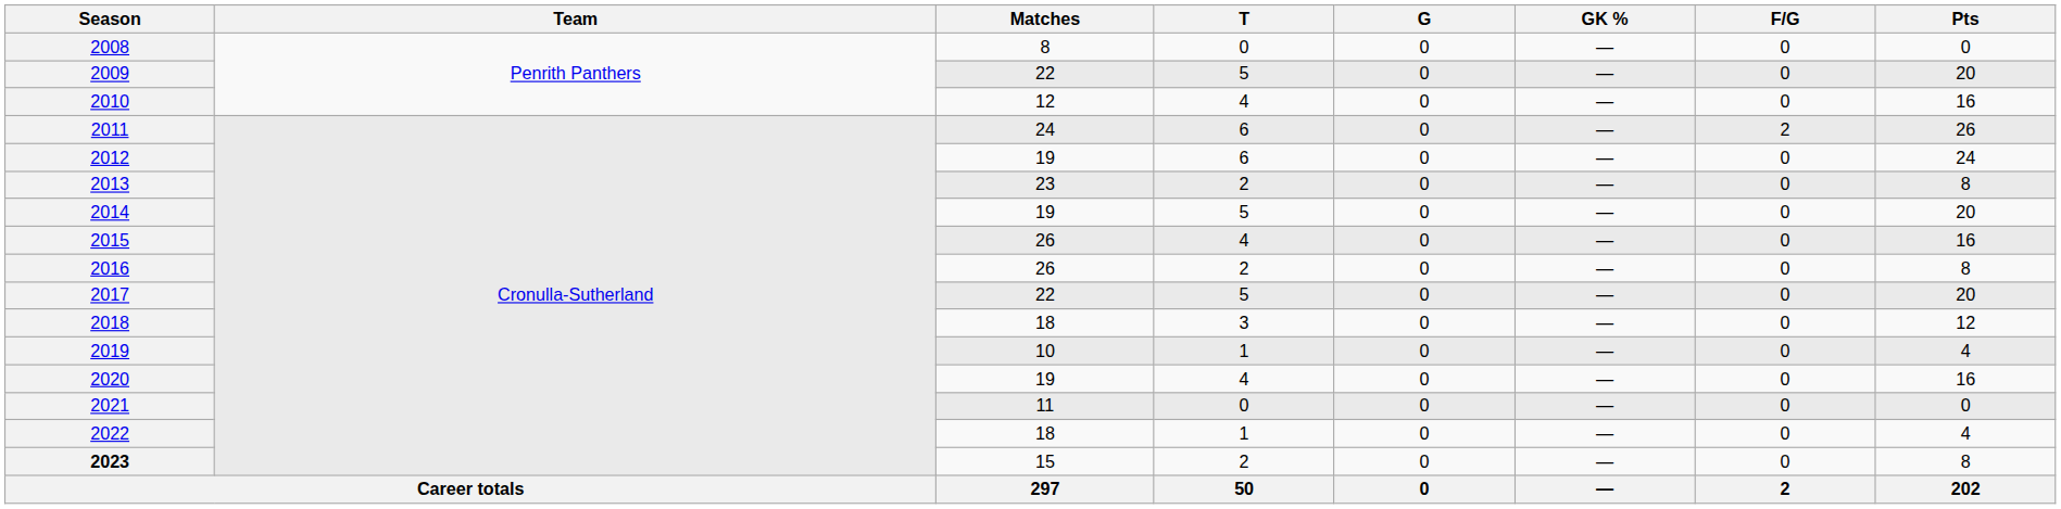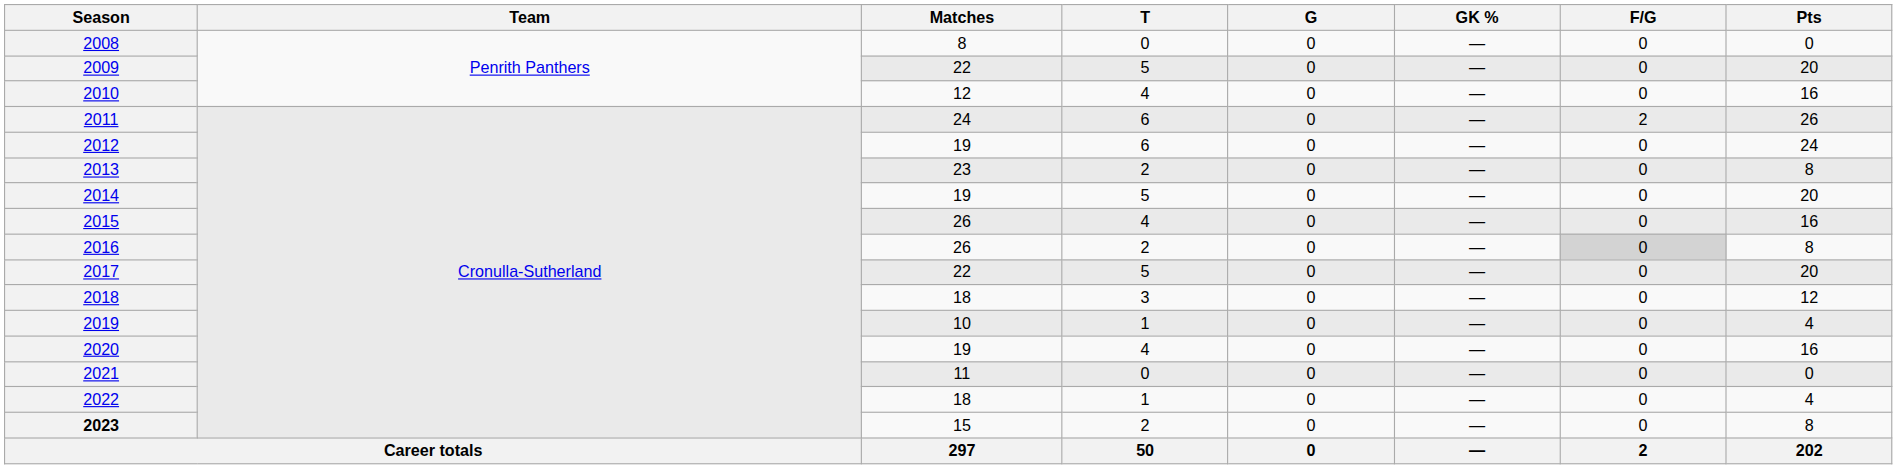 <table class="wikitable sortable"  style="font-size:90%; text-align:center; width:85%;">
 <tr>
 <th width=2%>Season</th>
 <th width=8%>Team</th>
 <th width=2%>Matches</th>
 <th width=2%>T</th>
 <th width=2%>G</th>
 <th width=2%>GK %</th>
 <th width=2%>F/G</th>
 <th width=2%>Pts</th>
 </tr>
 <tr>
 <th scope="row" style="text-align:center; font-weight:normal"><a href='#'>2008</a></th>
 <td rowspan="3" style="text-align:center;"> <a href='#'>Penrith Panthers</a></td>
 <td>8</td>
 <td>0</td>
 <td>0</td>
 <td>—</td>
 <td>0</td>
 <td>0</td>
 </tr>
 <tr style="background:#eaeaea;">
 <th scope="row" style="text-align:center; font-weight:normal"><a href='#'>2009</a></th>
 <td>22</td>
 <td>5</td>
 <td>0</td>
 <td>—</td>
 <td>0</td>
 <td>20</td>
 </tr>
 <tr>
 <th scope="row" style="text-align:center; font-weight:normal"><a href='#'>2010</a></th>
 <td>12</td>
 <td>4</td>
 <td>0</td>
 <td>—</td>
 <td>0</td>
 <td>16</td>
 </tr>
 <tr style="background:#eaeaea;">
 <th scope="row" style="text-align:center; font-weight:normal"><a href='#'>2011</a></th>
 <td rowspan="13" style="text-align:center;"> <a href='#'>Cronulla-Sutherland</a></td>
 <td>24</td>
 <td>6</td>
 <td>0</td>
 <td>—</td>
 <td>2</td>
 <td>26</td>
 </tr>
 <tr>
 <th scope="row" style="text-align:center; font-weight:normal"><a href='#'>2012</a></th>
 <td>19</td>
 <td>6</td>
 <td>0</td>
 <td>—</td>
 <td>0</td>
 <td>24</td>
 </tr>
 <tr style="background:#eaeaea;">
 <th scope="row" style="text-align:center; font-weight:normal"><a href='#'>2013</a></th>
 <td>23</td>
 <td>2</td>
 <td>0</td>
 <td>—</td>
 <td>0</td>
 <td>8</td>
 </tr>
 <tr>
 <th scope="row" style="text-align:center; font-weight:normal"><a href='#'>2014</a></th>
 <td>19</td>
 <td>5</td>
 <td>0</td>
 <td>—</td>
 <td>0</td>
 <td>20</td>
 </tr>
 <tr style="background:#eaeaea;">
 <th scope="row" style="text-align:center; font-weight:normal"><a href='#'>2015</a></th>
 <td>26</td>
 <td>4</td>
 <td>0</td>
 <td>—</td>
 <td>0</td>
 <td>16</td>
 </tr>
 <tr>
 <th scope="row" style="text-align:center; font-weight:normal"><a href='#'>2016</a></th>
 <td>26</td>
 <td>2</td>
 <td>0</td>
 <td>—</td>
-<td>0</td>
+<td style="background: lightgrey;">0</td>
 <td>8</td>
 </tr>
 <tr style="background:#eaeaea;">
 <th scope="row" style="text-align:center; font-weight:normal"><a href='#'>2017</a></th>
 <td>22</td>
 <td>5</td>
 <td>0</td>
 <td>—</td>
 <td>0</td>
 <td>20</td>
 </tr>
 <tr>
 <th scope="row" style="text-align:center; font-weight:normal"><a href='#'>2018</a></th>
 <td>18</td>
 <td>3</td>
 <td>0</td>
 <td>—</td>
 <td>0</td>
 <td>12</td>
 </tr>
 <tr style="background:#eaeaea;">
 <th scope="row" style="text-align:center; font-weight:normal"><a href='#'>2019</a></th>
 <td>10</td>
 <td>1</td>
 <td>0</td>
 <td>—</td>
 <td>0</td>
 <td>4</td>
 </tr>
 <tr>
 <th scope="row" style="text-align:center; font-weight:normal"><a href='#'>2020</a></th>
 <td>19</td>
 <td>4</td>
 <td>0</td>
 <td>—</td>
 <td>0</td>
 <td>16</td>
 </tr>
 <tr style="background:#eaeaea;">
 <th scope="row" style="text-align:center; font-weight:normal"><a href='#'>2021</a></th>
 <td>11</td>
 <td>0</td>
 <td>0</td>
 <td>—</td>
 <td>0</td>
 <td>0</td>
 </tr>
 <tr>
 <th scope="row" style="text-align:center; font-weight:normal"><a href='#'>2022</a></th>
 <td>18</td>
 <td>1</td>
 <td>0</td>
 <td>—</td>
 <td>0</td>
 <td>4</td>
 </tr>
 <tr>
 <th>2023</th>
 <td>15</td>
 <td>2</td>
 <td>0</td>
 <td>—</td>
 <td>0</td>
 <td>8</td>
 </tr>
 <tr class="sortbottom">
 <th colspan="2">Career totals</th>
 <th>297</th>
 <th>50</th>
 <th>0</th>
 <th>—</th>
 <th>2</th>
 <th>202</th>
 </tr>
 </table>
